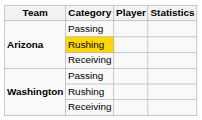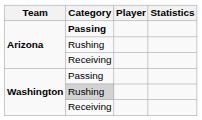 <table class="wikitable" style="float: right;">
 <tr>
 <th>Team</th>
 <th>Category</th>
 <th>Player</th>
 <th>Statistics</th>
 </tr>
 <tr>
 <td rowspan=3><strong>Arizona</strong></td>
-<td>Passing</td>
+<td><strong>Passing</strong></td>
 <td></td>
 <td></td>
 </tr>
 <tr>
-<td style="background: gold;">Rushing</td>
+<td>Rushing</td>
 <td></td>
 <td></td>
 </tr>
 <tr>
 <td>Receiving</td>
 <td></td>
 <td></td>
 </tr>
 <tr>
 <td rowspan=3><strong>Washington</strong></td>
 <td>Passing</td>
 <td></td>
 <td></td>
 </tr>
 <tr>
-<td>Rushing</td>
+<td style="background: lightgrey;">Rushing</td>
 <td></td>
 <td></td>
 </tr>
 <tr>
 <td>Receiving</td>
 <td></td>
 <td></td>
 </tr>
 </table>
